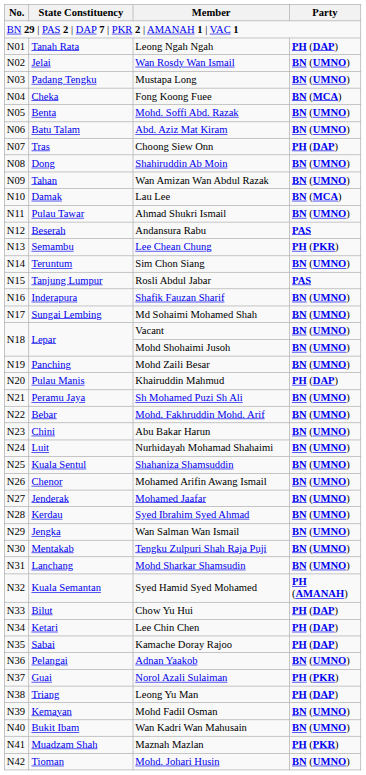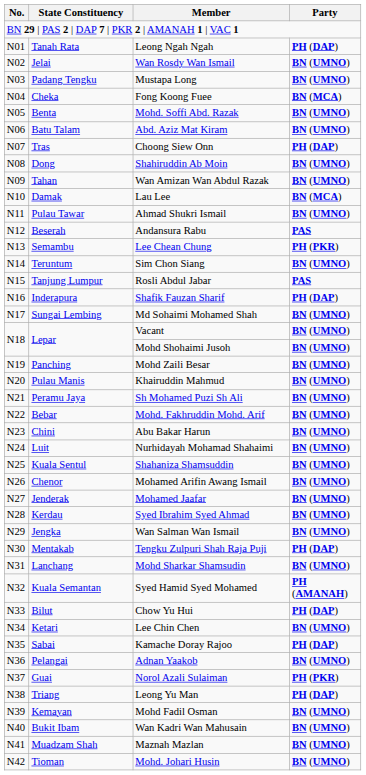 <table class="wikitable sortable">
 <tr>
 <th style="width:30px;">No.</th>
 <th style="width:150px;">State Constituency</th>
 <th style="width:230px;">Member</th>
 <th style="width:100px;">Party</th>
 </tr>
 <tr>
 <td colspan="4"><a href='#'>BN</a> <strong>29</strong> | <a href='#'>PAS</a> <strong>2</strong> | <a href='#'>DAP</a> <strong>7</strong> | <a href='#'>PKR</a> <strong>2</strong> | <a href='#'>AMANAH</a> <strong>1</strong> | <a href='#'>VAC</a> <strong>1</strong></td>
 </tr>
 <tr>
 <td>N01</td>
 <td><a href='#'>Tanah Rata</a></td>
 <td>Leong Ngah Ngah</td>
 <td><strong><a href='#'>PH</a></strong> (<strong><a href='#'>DAP</a></strong>)</td>
 </tr>
 <tr>
 <td>N02</td>
 <td><a href='#'>Jelai</a></td>
 <td><a href='#'>Wan Rosdy Wan Ismail</a></td>
 <td><strong><a href='#'>BN</a></strong> (<strong><a href='#'>UMNO</a></strong>)</td>
 </tr>
 <tr>
 <td>N03</td>
 <td><a href='#'>Padang Tengku</a></td>
 <td>Mustapa Long</td>
 <td><strong><a href='#'>BN</a></strong> (<strong><a href='#'>UMNO</a></strong>)</td>
 </tr>
 <tr>
 <td>N04</td>
 <td><a href='#'>Cheka</a></td>
 <td>Fong Koong Fuee</td>
 <td><strong><a href='#'>BN</a></strong> (<strong><a href='#'>MCA</a></strong>)</td>
 </tr>
 <tr>
 <td>N05</td>
 <td><a href='#'>Benta</a></td>
 <td><a href='#'>Mohd. Soffi Abd. Razak</a></td>
 <td><strong><a href='#'>BN</a></strong> (<strong><a href='#'>UMNO</a></strong>)</td>
 </tr>
 <tr>
 <td>N06</td>
 <td><a href='#'>Batu Talam</a></td>
 <td><a href='#'>Abd. Aziz Mat Kiram</a></td>
 <td><strong><a href='#'>BN</a></strong> (<strong><a href='#'>UMNO</a></strong>)</td>
 </tr>
 <tr>
 <td>N07</td>
 <td><a href='#'>Tras</a></td>
 <td>Choong Siew Onn</td>
 <td><strong><a href='#'>PH</a></strong> (<strong><a href='#'>DAP</a></strong>)</td>
 </tr>
 <tr>
 <td>N08</td>
 <td><a href='#'>Dong</a></td>
 <td><a href='#'>Shahiruddin Ab Moin</a></td>
 <td><strong><a href='#'>BN</a></strong> (<strong><a href='#'>UMNO</a></strong>)</td>
 </tr>
 <tr>
 <td>N09</td>
 <td><a href='#'>Tahan</a></td>
 <td>Wan Amizan Wan Abdul Razak</td>
 <td><strong><a href='#'>BN</a></strong> (<strong><a href='#'>UMNO</a></strong>)</td>
 </tr>
 <tr>
 <td>N10</td>
 <td><a href='#'>Damak</a></td>
 <td>Lau Lee</td>
 <td><strong><a href='#'>BN</a></strong> (<strong><a href='#'>MCA</a></strong>)</td>
 </tr>
 <tr>
 <td>N11</td>
 <td><a href='#'>Pulau Tawar</a></td>
 <td>Ahmad Shukri Ismail</td>
 <td><strong><a href='#'>BN</a></strong> (<strong><a href='#'>UMNO</a></strong>)</td>
 </tr>
 <tr>
 <td>N12</td>
 <td><a href='#'>Beserah</a></td>
 <td>Andansura Rabu</td>
 <td><strong><a href='#'>PAS</a></strong></td>
 </tr>
 <tr>
 <td>N13</td>
 <td><a href='#'>Semambu</a></td>
 <td><a href='#'>Lee Chean Chung</a></td>
 <td><strong><a href='#'>PH</a></strong> (<strong><a href='#'>PKR</a></strong>)</td>
 </tr>
 <tr>
 <td>N14</td>
 <td><a href='#'>Teruntum</a></td>
 <td>Sim Chon Siang</td>
 <td><strong><a href='#'>BN</a></strong> (<strong><a href='#'>UMNO</a></strong>)</td>
 </tr>
 <tr>
 <td>N15</td>
 <td><a href='#'>Tanjung Lumpur</a></td>
 <td>Rosli Abdul Jabar</td>
 <td><strong><a href='#'>PAS</a></strong></td>
 </tr>
 <tr>
 <td>N16</td>
 <td><a href='#'>Inderapura</a></td>
 <td><a href='#'>Shafik Fauzan Sharif</a></td>
-<td><strong><a href='#'>BN</a></strong> (<strong><a href='#'>UMNO</a></strong>)</td>
+<td><strong><a href='#'>PH</a></strong> (<strong><a href='#'>DAP</a></strong>)</td>
 </tr>
 <tr>
 <td>N17</td>
 <td><a href='#'>Sungai Lembing</a></td>
 <td>Md Sohaimi Mohamed Shah</td>
 <td><strong><a href='#'>BN</a></strong> (<strong><a href='#'>UMNO</a></strong>)</td>
 </tr>
 <tr>
 <td rowspan=2>N18</td>
 <td rowspan=2><a href='#'>Lepar</a></td>
 <td>Vacant </td>
 <td><strong><a href='#'>BN</a></strong> (<strong><a href='#'>UMNO</a></strong>)</td>
 </tr>
 <tr>
 <td>Mohd Shohaimi Jusoh </td>
 <td><strong><a href='#'>BN</a></strong> (<strong><a href='#'>UMNO</a></strong>)</td>
 </tr>
 <tr>
 <td>N19</td>
 <td><a href='#'>Panching</a></td>
 <td>Mohd Zaili Besar</td>
 <td><strong><a href='#'>BN</a></strong> (<strong><a href='#'>UMNO</a></strong>)</td>
 </tr>
 <tr>
 <td>N20</td>
 <td><a href='#'>Pulau Manis</a></td>
 <td>Khairuddin Mahmud</td>
-<td><strong><a href='#'>PH</a></strong> (<strong><a href='#'>DAP</a></strong>)</td>
+<td><strong><a href='#'>BN</a></strong> (<strong><a href='#'>UMNO</a></strong>)</td>
 </tr>
 <tr>
 <td>N21</td>
 <td><a href='#'>Peramu Jaya</a></td>
 <td><a href='#'>Sh Mohamed Puzi Sh Ali</a></td>
 <td><strong><a href='#'>BN</a></strong> (<strong><a href='#'>UMNO</a></strong>)</td>
 </tr>
 <tr>
 <td>N22</td>
 <td><a href='#'>Bebar</a></td>
 <td><a href='#'>Mohd. Fakhruddin Mohd. Arif</a></td>
 <td><strong><a href='#'>BN</a></strong> (<strong><a href='#'>UMNO</a></strong>)</td>
 </tr>
 <tr>
 <td>N23</td>
 <td><a href='#'>Chini</a></td>
 <td>Abu Bakar Harun</td>
 <td><strong><a href='#'>BN</a></strong> (<strong><a href='#'>UMNO</a></strong>)</td>
 </tr>
 <tr>
 <td>N24</td>
 <td><a href='#'>Luit</a></td>
 <td>Nurhidayah Mohamad Shahaimi</td>
 <td><strong><a href='#'>BN</a></strong> (<strong><a href='#'>UMNO</a></strong>)</td>
 </tr>
 <tr>
 <td>N25</td>
 <td><a href='#'>Kuala Sentul</a></td>
 <td><a href='#'>Shahaniza Shamsuddin</a></td>
 <td><strong><a href='#'>BN</a></strong> (<strong><a href='#'>UMNO</a></strong>)</td>
 </tr>
 <tr>
 <td>N26</td>
 <td><a href='#'>Chenor</a></td>
 <td>Mohamed Arifin Awang Ismail</td>
 <td><strong><a href='#'>BN</a></strong> (<strong><a href='#'>UMNO</a></strong>)</td>
 </tr>
 <tr>
 <td>N27</td>
 <td><a href='#'>Jenderak</a></td>
 <td><a href='#'>Mohamed Jaafar</a></td>
 <td><strong><a href='#'>BN</a></strong> (<strong><a href='#'>UMNO</a></strong>)</td>
 </tr>
 <tr>
 <td>N28</td>
 <td><a href='#'>Kerdau</a></td>
 <td><a href='#'>Syed Ibrahim Syed Ahmad</a></td>
 <td><strong><a href='#'>BN</a></strong> (<strong><a href='#'>UMNO</a></strong>)</td>
 </tr>
 <tr>
 <td>N29</td>
 <td><a href='#'>Jengka</a></td>
 <td>Wan Salman Wan Ismail</td>
 <td><strong><a href='#'>BN</a></strong> (<strong><a href='#'>UMNO</a></strong>)</td>
 </tr>
 <tr>
 <td>N30</td>
 <td><a href='#'>Mentakab</a></td>
 <td><a href='#'>Tengku Zulpuri Shah Raja Puji</a></td>
-<td><strong><a href='#'>BN</a></strong> (<strong><a href='#'>UMNO</a></strong>)</td>
+<td><strong><a href='#'>PH</a></strong> (<strong><a href='#'>DAP</a></strong>)</td>
 </tr>
 <tr>
 <td>N31</td>
 <td><a href='#'>Lanchang</a></td>
 <td><a href='#'>Mohd Sharkar Shamsudin</a></td>
 <td><strong><a href='#'>BN</a></strong> (<strong><a href='#'>UMNO</a></strong>)</td>
 </tr>
 <tr>
 <td>N32</td>
 <td><a href='#'>Kuala Semantan</a></td>
 <td>Syed Hamid Syed Mohamed</td>
 <td><strong><a href='#'>PH</a></strong> (<strong><a href='#'>AMANAH</a></strong>)</td>
 </tr>
 <tr>
 <td>N33</td>
 <td><a href='#'>Bilut</a></td>
 <td>Chow Yu Hui</td>
 <td><strong><a href='#'>PH</a></strong> (<strong><a href='#'>DAP</a></strong>)</td>
 </tr>
 <tr>
 <td>N34</td>
 <td><a href='#'>Ketari</a></td>
 <td>Lee Chin Chen</td>
-<td><strong><a href='#'>PH</a></strong> (<strong><a href='#'>DAP</a></strong>)</td>
+<td><strong><a href='#'>BN</a></strong> (<strong><a href='#'>UMNO</a></strong>)</td>
 </tr>
 <tr>
 <td>N35</td>
 <td><a href='#'>Sabai</a></td>
 <td>Kamache Doray Rajoo</td>
 <td><strong><a href='#'>PH</a></strong> (<strong><a href='#'>DAP</a></strong>)</td>
 </tr>
 <tr>
 <td>N36</td>
 <td><a href='#'>Pelangai</a></td>
 <td><a href='#'>Adnan Yaakob</a></td>
 <td><strong><a href='#'>BN</a></strong> (<strong><a href='#'>UMNO</a></strong>)</td>
 </tr>
 <tr>
 <td>N37</td>
 <td><a href='#'>Guai</a></td>
 <td><a href='#'>Norol Azali Sulaiman</a></td>
 <td><strong><a href='#'>PH</a></strong> (<strong><a href='#'>PKR</a></strong>)</td>
 </tr>
 <tr>
 <td>N38</td>
 <td><a href='#'>Triang</a></td>
 <td>Leong Yu Man</td>
 <td><strong><a href='#'>PH</a></strong> (<strong><a href='#'>DAP</a></strong>)</td>
 </tr>
 <tr>
 <td>N39</td>
 <td><a href='#'>Kemayan</a></td>
 <td>Mohd Fadil Osman</td>
 <td><strong><a href='#'>BN</a></strong> (<strong><a href='#'>UMNO</a></strong>)</td>
 </tr>
 <tr>
 <td>N40</td>
 <td><a href='#'>Bukit Ibam</a></td>
 <td>Wan Kadri Wan Mahusain</td>
 <td><strong><a href='#'>BN</a></strong> (<strong><a href='#'>UMNO</a></strong>)</td>
 </tr>
 <tr>
 <td>N41</td>
 <td><a href='#'>Muadzam Shah</a></td>
 <td>Maznah Mazlan</td>
-<td><strong><a href='#'>PH</a></strong> (<strong><a href='#'>PKR</a></strong>)</td>
+<td><strong><a href='#'>BN</a></strong> (<strong><a href='#'>UMNO</a></strong>)</td>
 </tr>
 <tr>
 <td>N42</td>
 <td><a href='#'>Tioman</a></td>
 <td><a href='#'>Mohd. Johari Husin</a></td>
 <td><strong><a href='#'>BN</a></strong> (<strong><a href='#'>UMNO</a></strong>)</td>
 </tr>
 </table>
